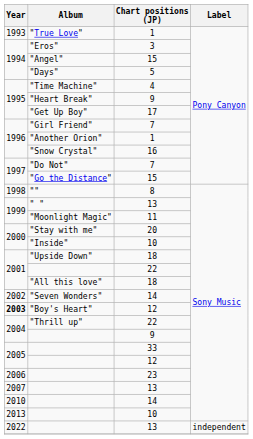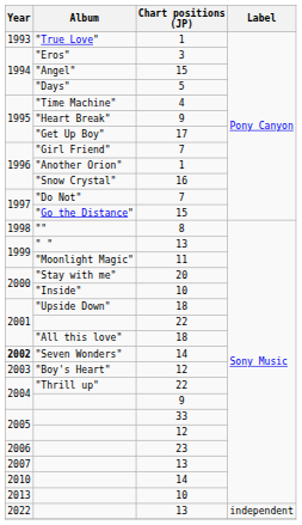 <table class="wikitable">
 <tr>
 <th>Year</th>
 <th>Album</th>
 <th>Chart positions<br>(JP)</th>
 <th>Label</th>
 </tr>
 <tr>
 <td>1993</td>
 <td>"<a href='#'>True Love</a>"</td>
 <td align="center">1</td>
 <td rowspan="12"><a href='#'>Pony Canyon</a></td>
 </tr>
 <tr>
 <td rowspan="3">1994</td>
 <td>"Eros"</td>
 <td align="center">3</td>
 </tr>
 <tr>
 <td>"Angel"</td>
 <td align="center">15</td>
 </tr>
 <tr>
 <td>"Days"</td>
 <td align="center">5</td>
 </tr>
 <tr>
 <td rowspan="3">1995</td>
 <td>"Time Machine"</td>
 <td align="center">4</td>
 </tr>
 <tr>
 <td>"Heart Break"</td>
 <td align="center">9</td>
 </tr>
 <tr>
 <td>"Get Up Boy"</td>
 <td align="center">17</td>
 </tr>
 <tr>
 <td rowspan="3">1996</td>
 <td>"Girl Friend"</td>
 <td align="center">7</td>
 </tr>
 <tr>
 <td>"Another Orion"</td>
 <td align="center">1</td>
 </tr>
 <tr>
 <td>"Snow Crystal"</td>
 <td align="center">16</td>
 </tr>
 <tr>
 <td rowspan="2">1997</td>
 <td>"Do Not"</td>
 <td align="center">7</td>
 </tr>
 <tr>
 <td>"<a href='#'>Go the Distance</a>"</td>
 <td align="center">15</td>
 </tr>
 <tr>
 <td>1998</td>
 <td>""</td>
 <td align="center">8</td>
 <td rowspan="18"><a href='#'>Sony Music</a></td>
 </tr>
 <tr>
 <td rowspan="2">1999</td>
 <td>" "</td>
 <td align="center">13</td>
 </tr>
 <tr>
 <td>"Moonlight Magic"</td>
 <td align="center">11</td>
 </tr>
 <tr>
 <td rowspan="2">2000</td>
 <td>"Stay with me"</td>
 <td align="center">20</td>
 </tr>
 <tr>
 <td>"Inside"</td>
 <td align="center">10</td>
 </tr>
 <tr>
 <td rowspan="3">2001</td>
 <td>"Upside Down"</td>
 <td align="center">18</td>
 </tr>
 <tr>
 <td></td>
 <td align="center">22</td>
 </tr>
 <tr>
 <td>"All this love"</td>
 <td align="center">18</td>
 </tr>
 <tr>
-<td>2002</td>
+<td><strong>2002</strong></td>
 <td>"Seven Wonders"</td>
 <td align="center">14</td>
 </tr>
 <tr>
-<td><strong>2003</strong></td>
+<td>2003</td>
 <td>"Boy's Heart"</td>
 <td align="center">12</td>
 </tr>
 <tr>
 <td rowspan="2">2004</td>
 <td>"Thrill up"</td>
 <td align="center">22</td>
 </tr>
 <tr>
 <td></td>
 <td align="center">9</td>
 </tr>
 <tr>
 <td rowspan="2">2005</td>
 <td></td>
 <td align="center">33</td>
 </tr>
 <tr>
 <td></td>
 <td align="center">12</td>
 </tr>
 <tr>
 <td>2006</td>
 <td></td>
 <td align="center">23</td>
 </tr>
 <tr>
 <td>2007</td>
 <td></td>
 <td align="center">13</td>
 </tr>
 <tr>
 <td>2010</td>
 <td></td>
 <td align="center">14</td>
 </tr>
 <tr>
 <td>2013</td>
 <td></td>
 <td align="center">10</td>
 </tr>
 <tr>
 <td>2022</td>
 <td></td>
 <td align="center">13</td>
 <td>independent</td>
 </tr>
 <tr>
 </tr>
 </table>
